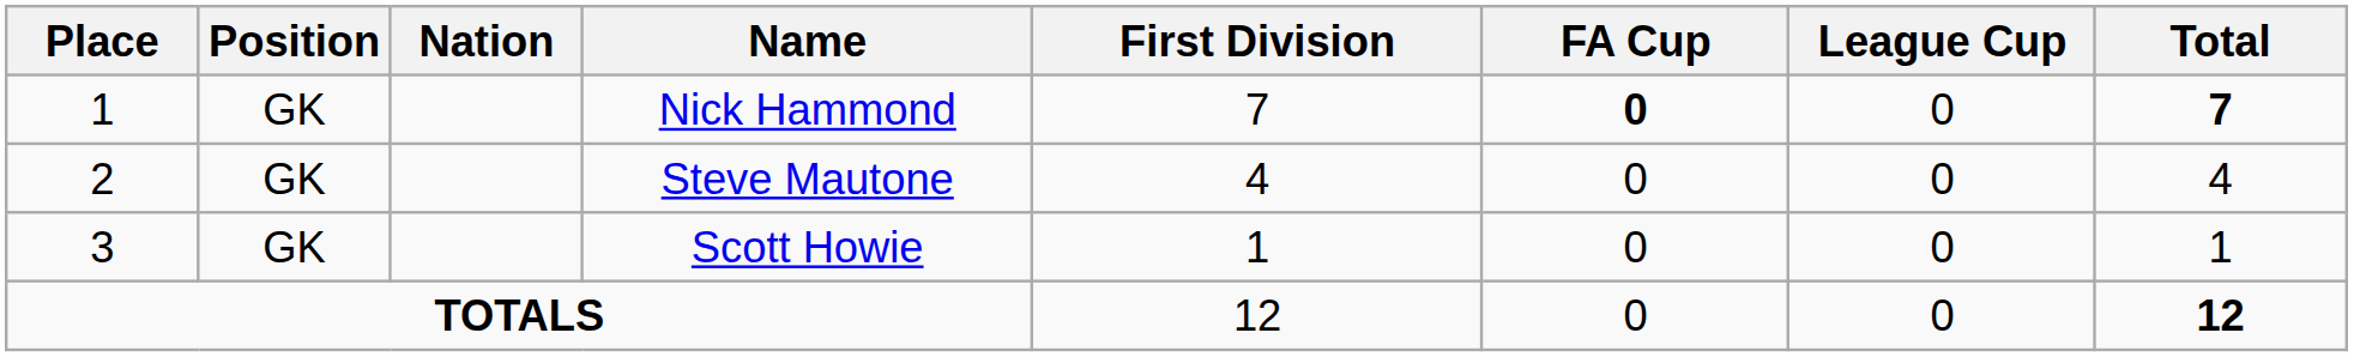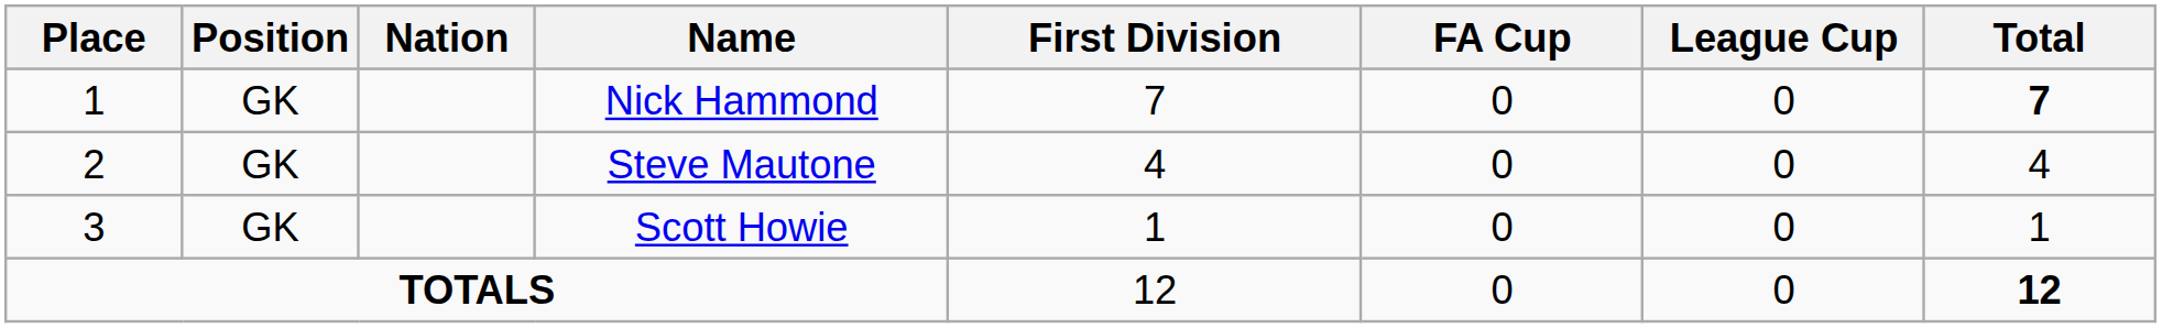 <table class="wikitable" style="font-size: 95%; text-align: center;">
 <tr>
 <th width=60>Place</th>
 <th width=60>Position</th>
 <th width=60>Nation</th>
 <th width=150>Name</th>
 <th width=150>First Division</th>
 <th width=100>FA Cup</th>
 <th width=100>League Cup</th>
 <th width=80><strong>Total</strong></th>
 </tr>
 <tr>
 <td>1</td>
 <td>GK</td>
 <td></td>
 <td><a href='#'>Nick Hammond</a></td>
 <td>7</td>
-<td><strong>0</strong></td>
+<td>0</td>
 <td>0</td>
 <td><strong>7</strong></td>
 </tr>
 <tr>
 <td>2</td>
 <td>GK</td>
 <td></td>
 <td><a href='#'>Steve Mautone</a></td>
 <td>4</td>
 <td>0</td>
 <td>0</td>
 <td>4</td>
 </tr>
 <tr>
 <td>3</td>
 <td>GK</td>
 <td></td>
 <td><a href='#'>Scott Howie</a></td>
 <td>1</td>
 <td>0</td>
 <td>0</td>
 <td>1</td>
 </tr>
 <tr>
 <td colspan="4"><strong>TOTALS</strong></td>
 <td>12</td>
 <td>0</td>
 <td>0</td>
 <td><strong>12</strong></td>
 </tr>
 </table>
